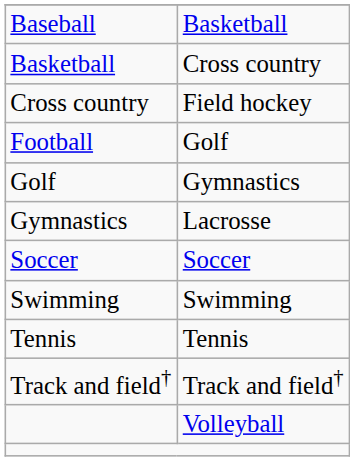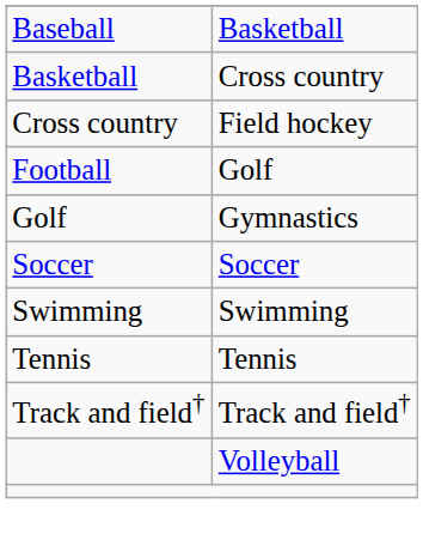 <table class="wikitable" style="float:right; clear:right; margin:0 0 1em 1em;">
 <tr>
 </tr>
 <tr>
 <td><a href='#'>Baseball</a></td>
 <td><a href='#'>Basketball</a></td>
 </tr>
 <tr>
 <td><a href='#'>Basketball</a></td>
 <td>Cross country</td>
 </tr>
 <tr>
 <td>Cross country</td>
 <td>Field hockey</td>
 </tr>
 <tr>
 <td><a href='#'>Football</a></td>
 <td>Golf</td>
 </tr>
 <tr>
 <td>Golf</td>
 <td>Gymnastics</td>
-</tr>
-<tr>
-<td>Gymnastics</td>
-<td>Lacrosse</td>
 </tr>
 <tr>
 <td><a href='#'>Soccer</a></td>
 <td><a href='#'>Soccer</a></td>
 </tr>
 <tr>
 <td>Swimming</td>
 <td>Swimming</td>
 </tr>
 <tr>
 <td>Tennis</td>
 <td>Tennis</td>
 </tr>
 <tr>
 <td>Track and field<sup>†</sup></td>
 <td>Track and field<sup>†</sup></td>
 </tr>
 <tr>
 <td></td>
 <td><a href='#'>Volleyball</a></td>
 </tr>
 <tr>
 <td colspan="2"></td>
 </tr>
 </table>
